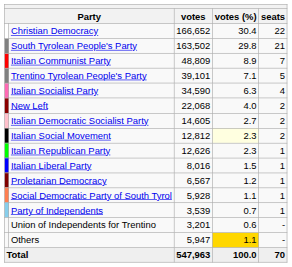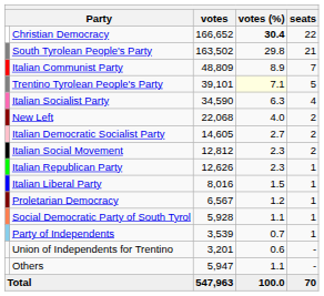 <table class="wikitable" style="font-size:95%; text-align:right;">
 <tr>
 <th colspan=5></th>
 </tr>
 <tr>
 <th colspan=2>Party</th>
 <th>votes</th>
 <th>votes (%)</th>
 <th>seats</th>
 </tr>
 <tr>
 <td bgcolor=White></td>
 <td align=left><a href='#'>Christian Democracy</a></td>
 <td>166,652</td>
-<td>30.4</td>
+<td><strong>30.4</strong></td>
 <td>22</td>
 </tr>
 <tr>
 <td bgcolor=Gray></td>
 <td align=left><a href='#'>South Tyrolean People's Party</a></td>
 <td>163,502</td>
 <td>29.8</td>
 <td>21</td>
 </tr>
 <tr>
 <td bgcolor=Red></td>
 <td align=left><a href='#'>Italian Communist Party</a></td>
 <td>48,809</td>
 <td>8.9</td>
 <td>7</td>
 </tr>
 <tr>
 <td bgcolor=Gray></td>
 <td align=left><a href='#'>Trentino Tyrolean People's Party</a></td>
 <td>39,101</td>
-<td>7.1</td>
+<td style="background: lightyellow;">7.1</td>
 <td>5</td>
 </tr>
 <tr>
 <td bgcolor=Hotpink></td>
 <td align=left><a href='#'>Italian Socialist Party</a></td>
 <td>34,590</td>
 <td>6.3</td>
 <td>4</td>
 </tr>
 <tr>
 <td bgcolor=Darkred></td>
 <td align=left><a href='#'>New Left</a></td>
 <td>22,068</td>
 <td>4.0</td>
 <td>2</td>
 </tr>
 <tr>
 <td bgcolor=Pink></td>
 <td align=left><a href='#'>Italian Democratic Socialist Party</a></td>
 <td>14,605</td>
 <td>2.7</td>
 <td>2</td>
 </tr>
 <tr>
 <td bgcolor=Black></td>
 <td align=left><a href='#'>Italian Social Movement</a></td>
 <td>12,812</td>
-<td style="background: lightyellow;">2.3</td>
+<td>2.3</td>
 <td>2</td>
 </tr>
 <tr>
 <td bgcolor=Lime></td>
 <td align=left><a href='#'>Italian Republican Party</a></td>
 <td>12,626</td>
 <td>2.3</td>
 <td>1</td>
 </tr>
 <tr>
 <td bgcolor=Blue></td>
 <td align=left><a href='#'>Italian Liberal Party</a></td>
 <td>8,016</td>
 <td>1.5</td>
 <td>1</td>
 </tr>
 <tr>
 <td bgcolor=Maroon></td>
 <td align=left><a href='#'>Proletarian Democracy</a></td>
 <td>6,567</td>
 <td>1.2</td>
 <td>1</td>
 </tr>
 <tr>
 <td bgcolor=Coral></td>
 <td align=left><a href='#'>Social Democratic Party of South Tyrol</a></td>
 <td>5,928</td>
 <td>1.1</td>
 <td>1</td>
 </tr>
 <tr>
 <td bgcolor=Skyblue></td>
 <td align=left><a href='#'>Party of Independents</a></td>
 <td>3,539</td>
 <td>0.7</td>
 <td>1</td>
 </tr>
 <tr>
 <td bgcolor=></td>
 <td align=left>Union of Independents for Trentino</td>
 <td>3,201</td>
 <td>0.6</td>
 <td>-</td>
 </tr>
 <tr>
 <td bgcolor=></td>
 <td align=left>Others</td>
 <td>5,947</td>
-<td style="background: gold;">1.1</td>
+<td>1.1</td>
 <td>-</td>
 </tr>
 <tr bgcolor="EFEFEF">
 <td align=left colspan=2><strong>Total</strong></td>
 <td><strong>547,963</strong></td>
 <td><strong>100.0</strong></td>
 <td><strong>70</strong></td>
 </tr>
 </table>
